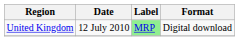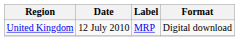 <table class="wikitable">
 <tr>
 <th>Region</th>
 <th>Date</th>
 <th>Label</th>
 <th>Format</th>
 </tr>
 <tr>
 <td><a href='#'>United Kingdom</a></td>
 <td>12 July 2010</td>
-<td style="background: lightgreen;"><a href='#'>MRP</a></td>
+<td><a href='#'>MRP</a></td>
 <td>Digital download</td>
 </tr>
 <tr>
 </tr>
 </table>
